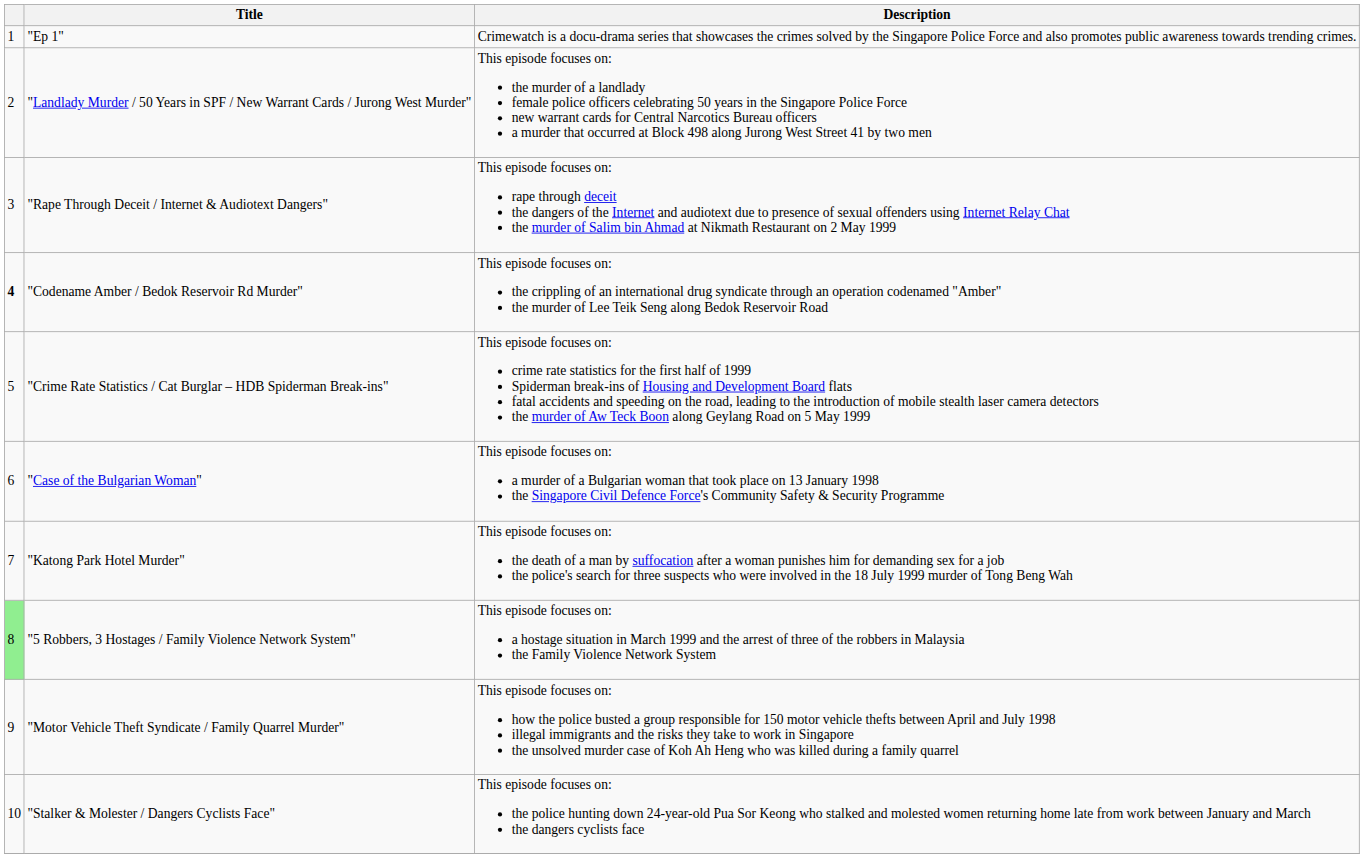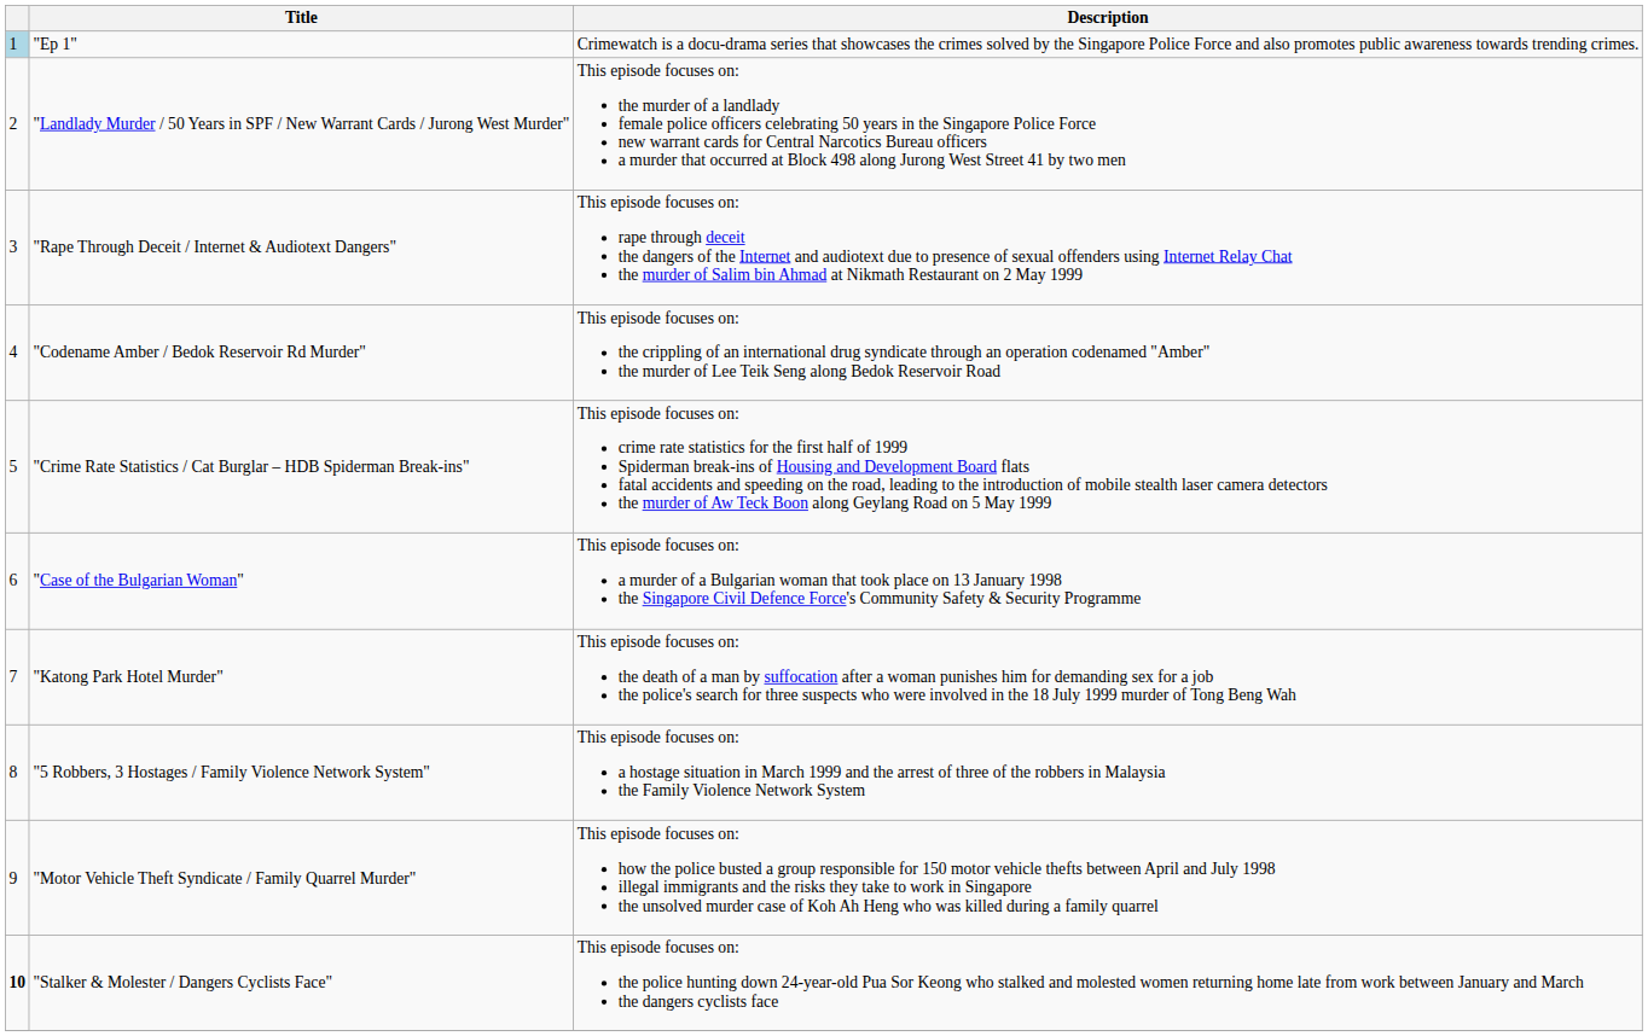 <table class="wikitable">
 <tr>
 <th></th>
 <th>Title</th>
 <th>Description</th>
 </tr>
 <tr>
-<td>1</td>
+<td style="background: lightblue;">1</td>
 <td>"Ep 1"</td>
 <td>Crimewatch is a docu-drama series that showcases the crimes solved by the Singapore Police Force and also promotes public awareness towards trending crimes.</td>
 </tr>
 <tr>
 <td>2</td>
 <td>"<a href='#'>Landlady Murder</a> / 50 Years in SPF / New Warrant Cards / Jurong West Murder"</td>
 <td>This episode focuses on:<br><ul><li>the murder of a landlady</li><li>female police officers celebrating 50 years in the Singapore Police Force</li><li>new warrant cards for Central Narcotics Bureau officers</li><li>a murder that occurred at Block 498 along Jurong West Street 41 by two men</li></ul></td>
 </tr>
 <tr>
 <td>3</td>
 <td>"Rape Through Deceit / Internet & Audiotext Dangers"</td>
 <td>This episode focuses on:<br><ul><li>rape through <a href='#'>deceit</a></li><li>the dangers of the <a href='#'>Internet</a> and audiotext due to presence of sexual offenders using <a href='#'>Internet Relay Chat</a></li><li>the <a href='#'>murder of Salim bin Ahmad</a> at Nikmath Restaurant on 2 May 1999</li></ul></td>
 </tr>
 <tr>
-<td><strong>4</strong></td>
+<td>4</td>
 <td>"Codename Amber / Bedok Reservoir Rd Murder"</td>
 <td>This episode focuses on:<br><ul><li>the crippling of an international drug syndicate through an operation codenamed "Amber"</li><li>the murder of Lee Teik Seng along Bedok Reservoir Road</li></ul></td>
 </tr>
 <tr>
 <td>5</td>
 <td>"Crime Rate Statistics / Cat Burglar – HDB Spiderman Break-ins"</td>
 <td>This episode focuses on:<br><ul><li>crime rate statistics for the first half of 1999</li><li>Spiderman break-ins of <a href='#'>Housing and Development Board</a> flats</li><li>fatal accidents and speeding on the road, leading to the introduction of mobile stealth laser camera detectors</li><li>the <a href='#'>murder of Aw Teck Boon</a> along Geylang Road on 5 May 1999</li></ul></td>
 </tr>
 <tr>
 <td>6</td>
 <td>"<a href='#'>Case of the Bulgarian Woman</a>"</td>
 <td>This episode focuses on:<br><ul><li>a murder of a Bulgarian woman that took place on 13 January 1998</li><li>the <a href='#'>Singapore Civil Defence Force</a>'s Community Safety & Security Programme</li></ul></td>
 </tr>
 <tr>
 <td>7</td>
 <td>"Katong Park Hotel Murder"</td>
 <td>This episode focuses on:<br><ul><li>the death of a man by <a href='#'>suffocation</a> after a woman punishes him for demanding sex for a job</li><li>the police's search for three suspects who were involved in the 18 July 1999 murder of Tong Beng Wah</li></ul></td>
 </tr>
 <tr>
-<td style="background: lightgreen;">8</td>
+<td>8</td>
 <td>"5 Robbers, 3 Hostages / Family Violence Network System"</td>
 <td>This episode focuses on:<br><ul><li>a hostage situation in March 1999 and the arrest of three of the robbers in Malaysia</li><li>the Family Violence Network System</li></ul></td>
 </tr>
 <tr>
 <td>9</td>
 <td>"Motor Vehicle Theft Syndicate / Family Quarrel Murder"</td>
 <td>This episode focuses on:<br><ul><li>how the police busted a group responsible for 150 motor vehicle thefts between April and July 1998</li><li>illegal immigrants and the risks they take to work in Singapore</li><li>the unsolved murder case of Koh Ah Heng who was killed during a family quarrel</li></ul></td>
 </tr>
 <tr>
-<td>10</td>
+<td><strong>10</strong></td>
 <td>"Stalker & Molester / Dangers Cyclists Face"</td>
 <td>This episode focuses on:<br><ul><li>the police hunting down 24-year-old Pua Sor Keong who stalked and molested women returning home late from work between January and March</li><li>the dangers cyclists face</li></ul></td>
 </tr>
 <tr>
 </tr>
 </table>
